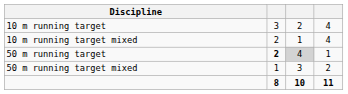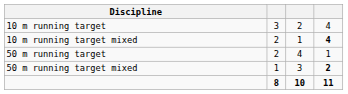 <table class="wikitable" width=40% style="font-size:100%; text-align:center;">
 <tr>
 <th>Discipline</th>
 <th></th>
 <th></th>
 <th></th>
 </tr>
 <tr>
 <td align=left>10 m running target</td>
 <td>3</td>
 <td>2</td>
 <td>4</td>
 </tr>
 <tr>
 <td align=left>10 m running target mixed</td>
 <td>2</td>
 <td>1</td>
-<td>4</td>
+<td><strong>4</strong></td>
 </tr>
 <tr>
 <td align=left>50 m running target</td>
-<td><strong>2</strong></td>
-<td style="background: lightgrey;">4</td>
+<td>2</td>
+<td>4</td>
 <td>1</td>
 </tr>
 <tr>
 <td align=left>50 m running target mixed</td>
 <td>1</td>
 <td>3</td>
-<td>2</td>
+<td><strong>2</strong></td>
 </tr>
 <tr>
 <td></td>
 <td><strong>8</strong></td>
 <td><strong>10</strong></td>
 <td><strong>11</strong></td>
 </tr>
 </table>
